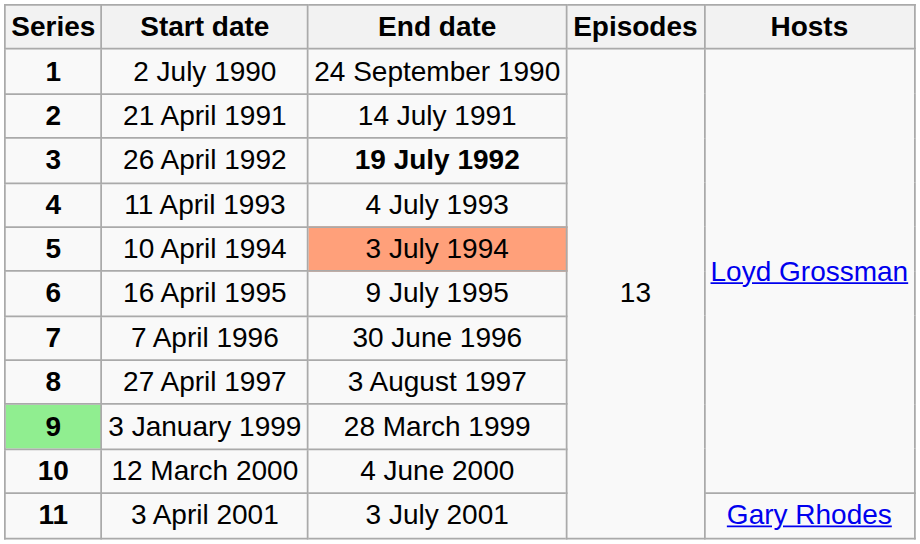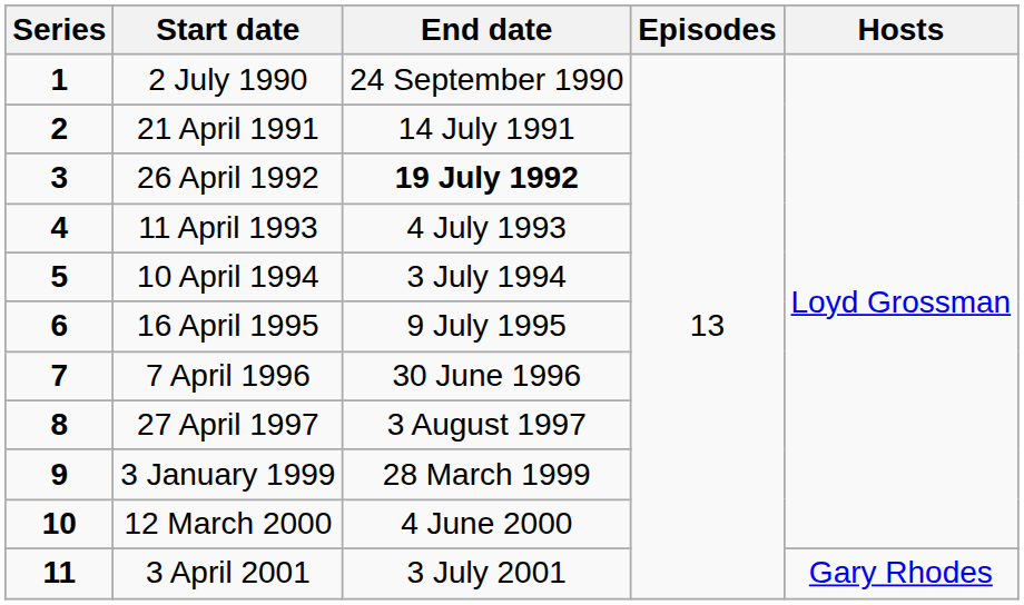 <table class="wikitable" style="text-align:center;">
 <tr>
 <th>Series</th>
 <th>Start date</th>
 <th>End date</th>
 <th>Episodes</th>
 <th>Hosts</th>
 </tr>
 <tr>
 <td><strong>1</strong></td>
 <td>2 July 1990</td>
 <td>24 September 1990</td>
 <td rowspan="11">13</td>
 <td rowspan="10"><a href='#'>Loyd Grossman</a></td>
 </tr>
 <tr>
 <td><strong>2</strong></td>
 <td>21 April 1991</td>
 <td>14 July 1991</td>
 </tr>
 <tr>
 <td><strong>3</strong></td>
 <td>26 April 1992</td>
 <td><strong>19 July 1992</strong></td>
 </tr>
 <tr>
 <td><strong>4</strong></td>
 <td>11 April 1993</td>
 <td>4 July 1993</td>
 </tr>
 <tr>
 <td><strong>5</strong></td>
 <td>10 April 1994</td>
-<td style="background: lightsalmon;">3 July 1994</td>
+<td>3 July 1994</td>
 </tr>
 <tr>
 <td><strong>6</strong></td>
 <td>16 April 1995</td>
 <td>9 July 1995</td>
 </tr>
 <tr>
 <td><strong>7</strong></td>
 <td>7 April 1996</td>
 <td>30 June 1996</td>
 </tr>
 <tr>
 <td><strong>8</strong></td>
 <td>27 April 1997</td>
 <td>3 August 1997</td>
 </tr>
 <tr>
-<td style="background: lightgreen;"><strong>9</strong></td>
+<td><strong>9</strong></td>
 <td>3 January 1999</td>
 <td>28 March 1999</td>
 </tr>
 <tr>
 <td><strong>10</strong></td>
 <td>12 March 2000</td>
 <td>4 June 2000</td>
 </tr>
 <tr>
 <td><strong>11</strong></td>
 <td>3 April 2001</td>
 <td>3 July 2001</td>
 <td><a href='#'>Gary Rhodes</a></td>
 </tr>
 </table>
